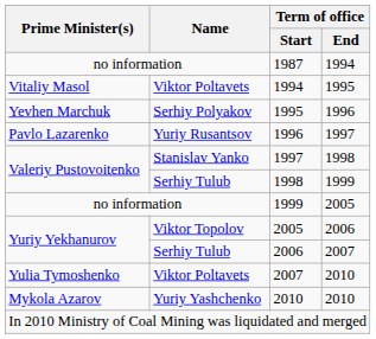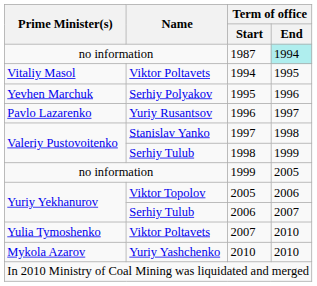 <table class="wikitable">
 <tr>
 <th rowspan="2">Prime Minister(s)</th>
 <th rowspan="2">Name</th>
 <th colspan="2">Term of office</th>
 </tr>
 <tr>
 <th>Start</th>
 <th>End</th>
 </tr>
 <tr>
 <td align=center colspan=2>no information</td>
 <td>1987</td>
-<td>1994</td>
+<td style="background: paleturquoise;">1994</td>
 </tr>
 <tr>
 <td><a href='#'>Vitaliy Masol</a></td>
 <td><a href='#'>Viktor Poltavets</a></td>
 <td>1994</td>
 <td>1995</td>
 </tr>
 <tr>
 <td><a href='#'>Yevhen Marchuk</a></td>
 <td><a href='#'>Serhiy Polyakov</a></td>
 <td>1995</td>
 <td>1996</td>
 </tr>
 <tr>
 <td><a href='#'>Pavlo Lazarenko</a></td>
 <td><a href='#'>Yuriy Rusantsov</a></td>
 <td>1996</td>
 <td>1997</td>
 </tr>
 <tr>
 <td rowspan=2><a href='#'>Valeriy Pustovoitenko</a></td>
 <td><a href='#'>Stanislav Yanko</a></td>
 <td>1997</td>
 <td>1998</td>
 </tr>
 <tr>
 <td><a href='#'>Serhiy Tulub</a></td>
 <td>1998</td>
 <td>1999</td>
 </tr>
 <tr>
 <td align=center colspan=2>no information</td>
 <td>1999</td>
 <td>2005</td>
 </tr>
 <tr>
 <td rowspan=2><a href='#'>Yuriy Yekhanurov</a></td>
 <td><a href='#'>Viktor Topolov</a></td>
 <td>2005</td>
 <td>2006</td>
 </tr>
 <tr>
 <td><a href='#'>Serhiy Tulub</a></td>
 <td>2006</td>
 <td>2007</td>
 </tr>
 <tr>
 <td><a href='#'>Yulia Tymoshenko</a></td>
 <td><a href='#'>Viktor Poltavets</a></td>
 <td>2007</td>
 <td>2010</td>
 </tr>
 <tr>
 <td><a href='#'>Mykola Azarov</a></td>
 <td><a href='#'>Yuriy Yashchenko</a></td>
 <td>2010</td>
 <td>2010</td>
 </tr>
 <tr>
 <td align=center colspan=4>In 2010 Ministry of Coal Mining was liquidated and merged</td>
 </tr>
 </table>
